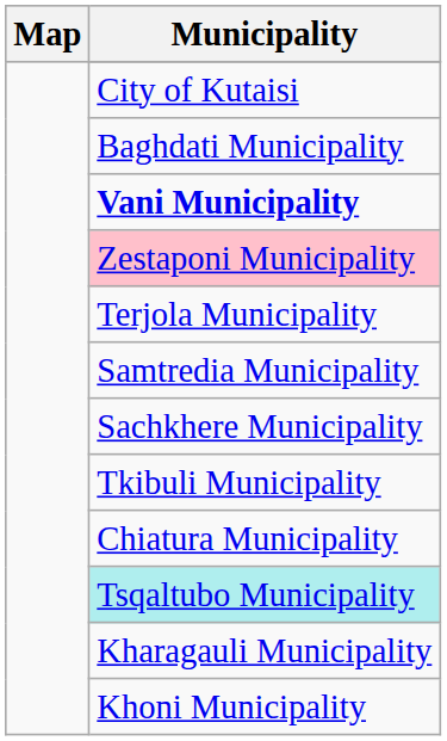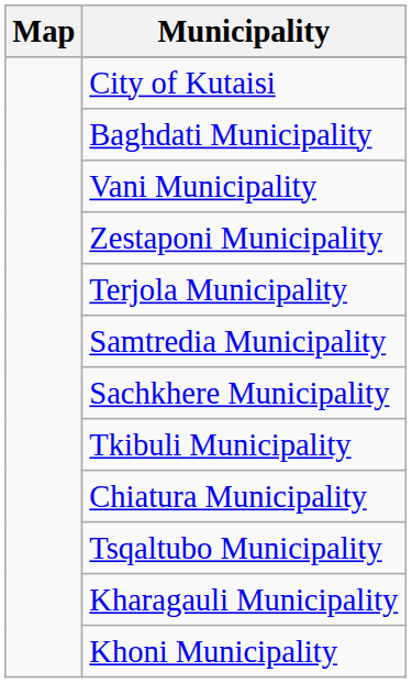 <table class="wikitable" style="font-size:110%">
 <tr>
 <th>Map</th>
 <th>Municipality</th>
 </tr>
 <tr>
 <td rowspan=13></td>
 </tr>
 <tr ---->
 <td><a href='#'>City of Kutaisi</a></td>
 </tr>
 <tr ---->
 <td><a href='#'>Baghdati Municipality</a></td>
 </tr>
 <tr ---->
-<td><strong><a href='#'>Vani Municipality</a></strong></td>
+<td><a href='#'>Vani Municipality</a></td>
 </tr>
 <tr ---->
-<td style="background: pink;"><a href='#'>Zestaponi Municipality</a></td>
+<td><a href='#'>Zestaponi Municipality</a></td>
 </tr>
 <tr ---->
 <td><a href='#'>Terjola Municipality</a></td>
 </tr>
 <tr ---->
 <td><a href='#'>Samtredia Municipality</a></td>
 </tr>
 <tr ---->
 <td><a href='#'>Sachkhere Municipality</a></td>
 </tr>
 <tr ---->
 <td><a href='#'>Tkibuli Municipality</a></td>
 </tr>
 <tr ---->
 <td><a href='#'>Chiatura Municipality</a></td>
 </tr>
 <tr ---->
-<td style="background: paleturquoise;"><a href='#'>Tsqaltubo Municipality</a></td>
+<td><a href='#'>Tsqaltubo Municipality</a></td>
 </tr>
 <tr ---->
 <td><a href='#'>Kharagauli Municipality</a></td>
 </tr>
 <tr ---->
 <td><a href='#'>Khoni Municipality</a></td>
 </tr>
 </table>
